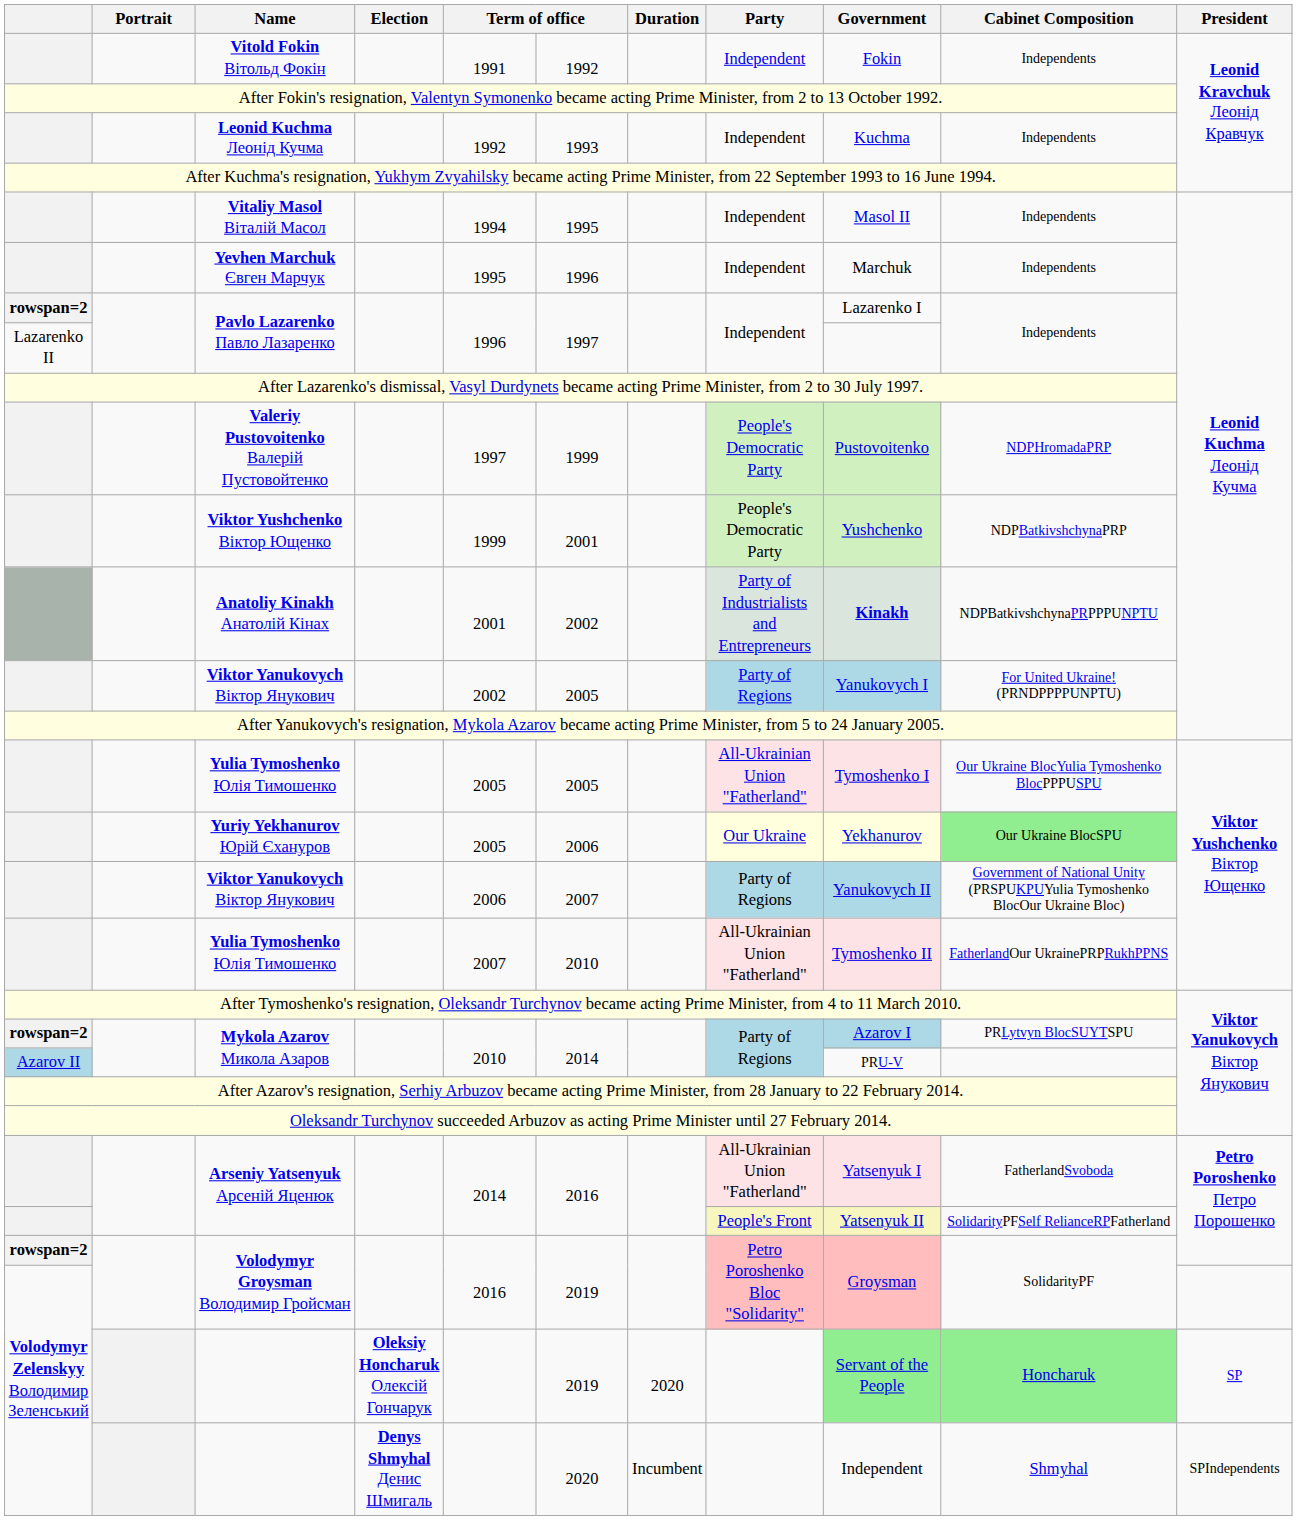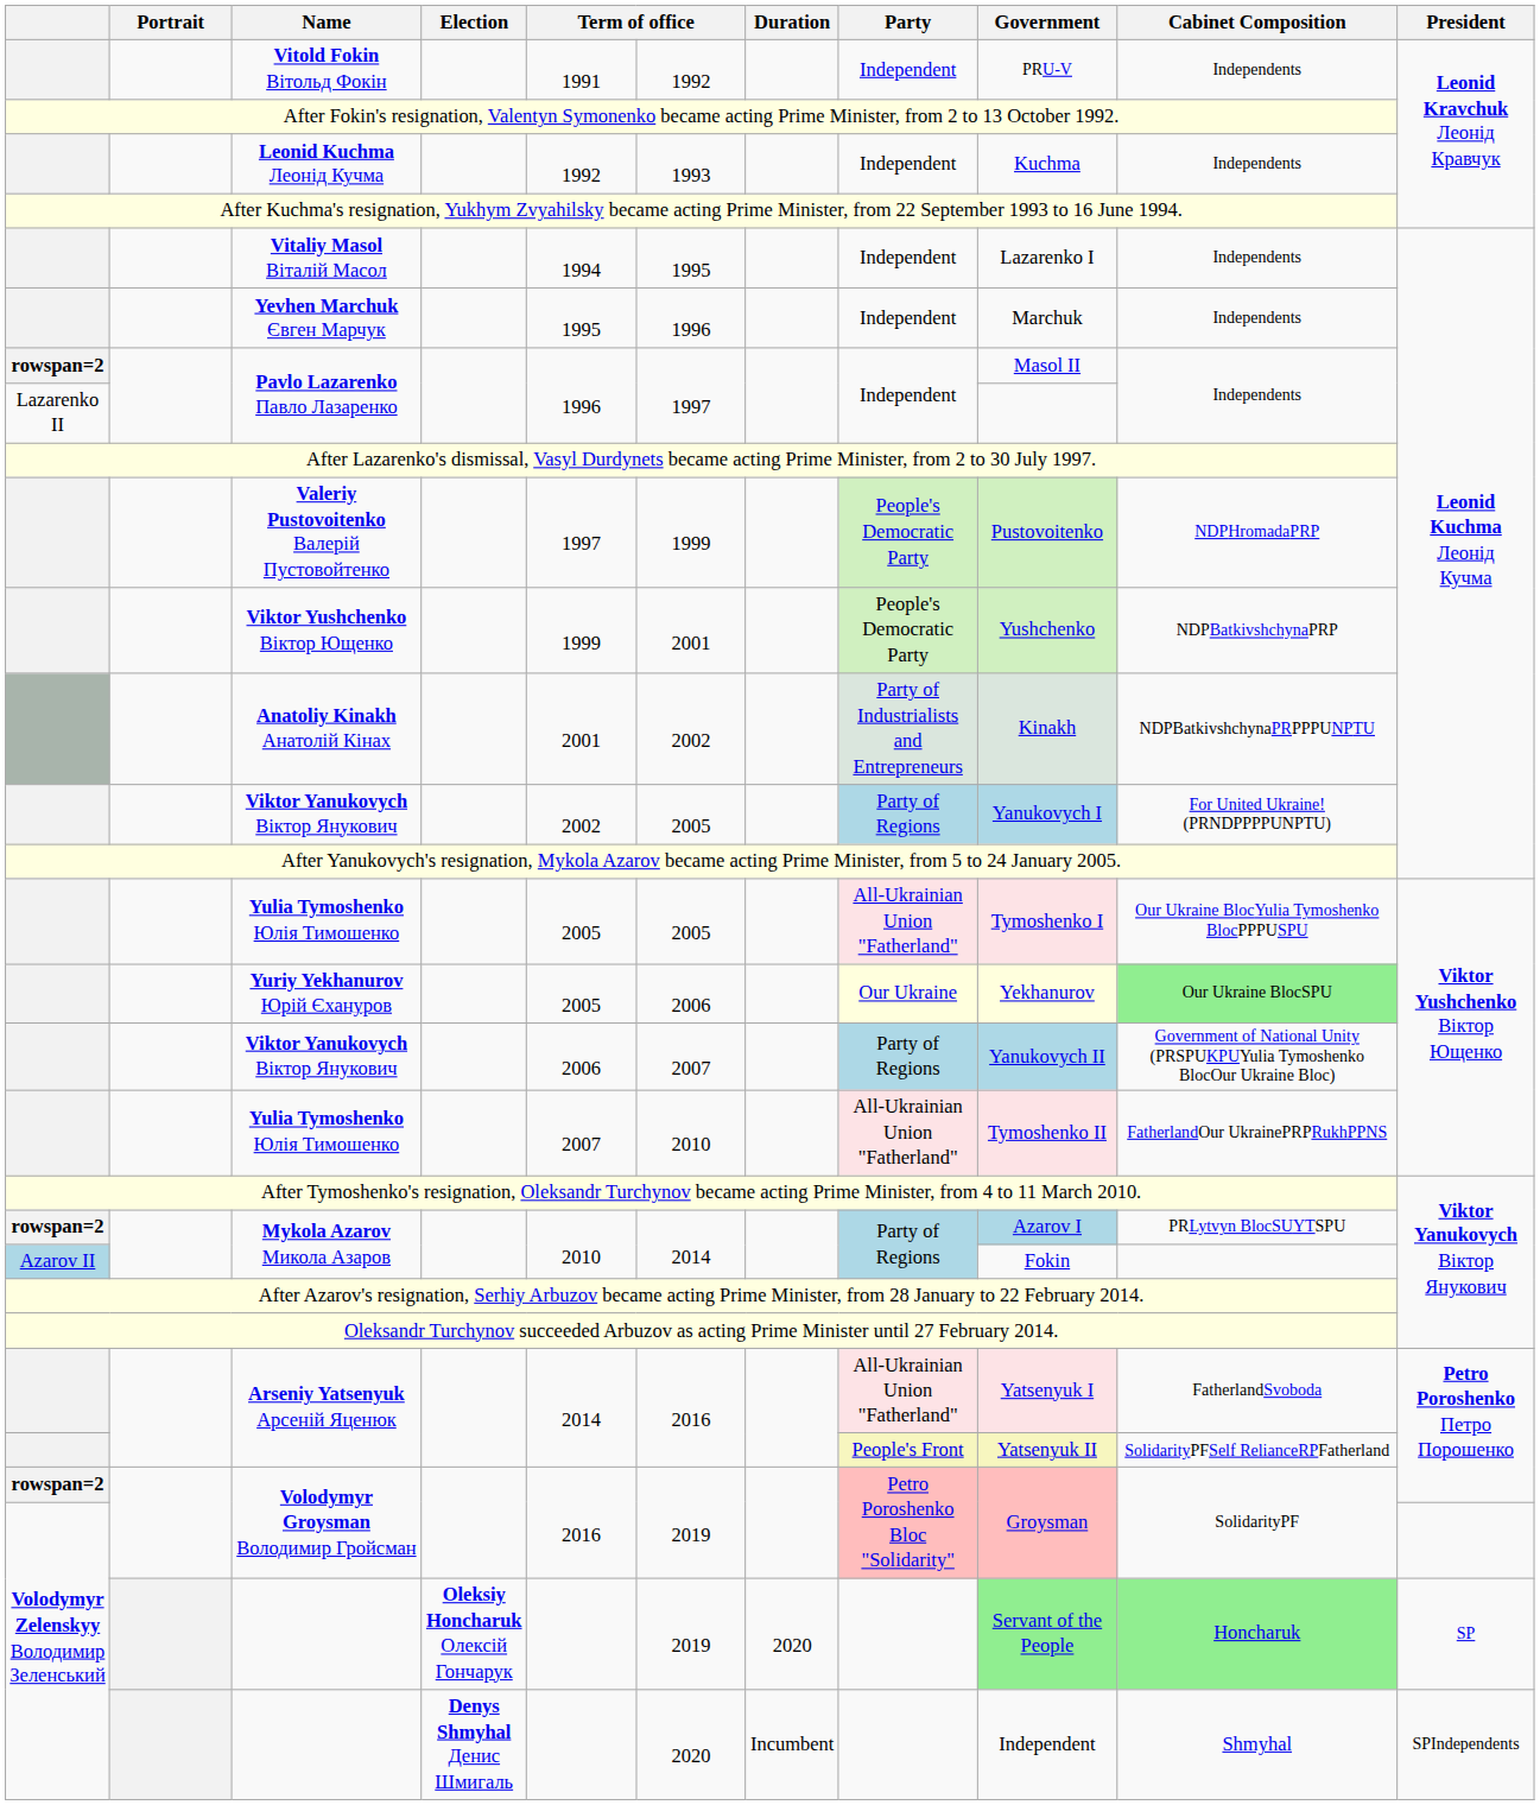 <table class="wikitable plainrowheaders" style="text-align: center; line-height: 130%; width: 99%">
 <tr>
 <th width=20></th>
 <th scope="col" style="width: 10%">Portrait</th>
 <th scope="col" style="width: 15%">Name<br></th>
 <th scope="col" style="width: 5%">Election</th>
 <th colspan="2" scope="col" style="width: 20%">Term of office</th>
 <th>Duration</th>
 <th scope="col" style="width: 10%">Party</th>
 <th scope="col" style="width: 10%">Government</th>
 <th scope="col" style="width: 20%">Cabinet Composition</th>
 <th scope="col" style="width: 10%">President</th>
 </tr>
 <tr>
 <th></th>
 <td></td>
 <td><a href='#'><strong>Vitold Fokin</strong><br><span>Вітольд Фокін</span></a><br></td>
 <td></td>
 <td class="nowrap"><br>1991</td>
 <td class="nowrap"><br>1992</td>
 <td><small></small></td>
 <td style="background:"><a href='#'>Independent</a></td>
-<td style="background:"><a href='#'>Fokin</a></td>
+<td style="font-size:85%; font-weight:normal; line-height:normal; text-align:center">PR<a href='#'>U-V</a></td>
 <td style="font-size:85%; font-weight:normal; line-height:normal; text-align:center">Independents</td>
 <td rowspan="4" style="font-weight:normal; text-align:center"><a href='#'><strong>Leonid<br>Kravchuk</strong><br><span>Леонід<br>Кравчук</span></a><br><br></td>
 </tr>
 <tr>
 <td colspan="10" style="background:#FFFFE0 ">After Fokin's resignation, <a href='#'>Valentyn Symonenko</a> became acting Prime Minister, from 2 to 13 October 1992.</td>
 </tr>
 <tr>
 <th></th>
 <td></td>
 <td><a href='#'><strong>Leonid Kuchma</strong><br><span>Леонід Кучма</span></a><br></td>
 <td></td>
 <td class="nowrap"><br>1992</td>
 <td class="nowrap"><br>1993</td>
 <td><small></small></td>
 <td style="background: ">Independent</td>
 <td style="background: "><a href='#'>Kuchma</a></td>
 <td style="font-size:85%; font-weight:normal; line-height:normal; text-align:center">Independents</td>
 </tr>
 <tr>
 <td colspan="10" style="background:#FFFFE0 ">After Kuchma's resignation, <a href='#'>Yukhym Zvyahilsky</a> became acting Prime Minister, from 22 September 1993 to 16 June 1994.</td>
 </tr>
 <tr>
 <th></th>
 <td></td>
 <td><a href='#'><strong>Vitaliy Masol</strong><br><span>Віталій Масол</span></a><br></td>
 <td><a href='#'></a></td>
 <td class="nowrap"><br>1994</td>
 <td class="nowrap"><br>1995</td>
 <td><small></small></td>
 <td style="background:">Independent</td>
-<td style="background:"><a href='#'>Masol II</a></td>
+<td style="background:">Lazarenko I</td>
 <td style="font-size:85%; font-weight:normal; line-height:normal; text-align:center">Independents</td>
 <td rowspan="10" style="font-weight:normal; text-align:center"><a href='#'><strong>Leonid<br>Kuchma</strong><br><span><span>Леонід<br>Кучма</span></span></a><br><br></td>
 </tr>
 <tr>
 <th></th>
 <td></td>
 <td><a href='#'><strong>Yevhen Marchuk</strong><br><span>Євген Марчук</span></a><br></td>
 <td></td>
 <td class="nowrap"><br>1995</td>
 <td class="nowrap"><br>1996</td>
 <td><small></small></td>
 <td style="background: ">Independent</td>
 <td style="background: ">Marchuk</td>
 <td style="font-size:85%; font-weight:normal; line-height:normal; text-align:center">Independents</td>
 </tr>
 <tr>
 <th>rowspan=2 </th>
 <td rowspan="2"></td>
 <td rowspan="2"><a href='#'><strong>Pavlo Lazarenko</strong><br><span>Павло Лазаренко</span></a><br></td>
 <td rowspan="2"></td>
 <td rowspan="2" class="nowrap"><br>1996</td>
 <td rowspan="2" class="nowrap"><br>1997</td>
 <td rowspan="2"><small></small></td>
 <td rowspan="2" style="background: ">Independent</td>
-<td style="background:">Lazarenko I</td>
+<td style="background:"><a href='#'>Masol II</a></td>
 <td rowspan="2" style="font-size:85%; font-weight:normal; line-height:normal; text-align:center">Independents</td>
 </tr>
 <tr>
 <td style="background: ">Lazarenko II</td>
 </tr>
 <tr>
 <td colspan="10" style="background:#FFFFE0 ">After Lazarenko's dismissal, <a href='#'>Vasyl Durdynets</a> became acting Prime Minister, from 2 to 30 July 1997.</td>
 </tr>
 <tr>
 <th></th>
 <td></td>
 <td><a href='#'><strong>Valeriy Pustovoitenko</strong><br><span>Валерій Пустовойтенко</span></a><br></td>
 <td><a href='#'></a></td>
 <td class="nowrap"><br>1997</td>
 <td class="nowrap"><br>1999</td>
 <td><small></small></td>
 <td style="background:#D0F0C0 "><a href='#'>People's Democratic Party</a></td>
 <td style="background:#D0F0C0 "><a href='#'>Pustovoitenko</a></td>
 <td style="font-size:85%; font-weight:normal; line-height:normal; text-align:center"><a href='#'>NDP</a><a href='#'>Hromada</a><a href='#'>PRP</a></td>
 </tr>
 <tr>
 <th></th>
 <td></td>
 <td><a href='#'><strong>Viktor Yushchenko</strong><br><span>Віктор Ющенко</span></a><br></td>
 <td></td>
 <td class="nowrap"><br>1999</td>
 <td class="nowrap"><br>2001</td>
 <td><small></small></td>
 <td style="background:#D0F0C0 ">People's Democratic Party</td>
 <td style="background:#D0F0C0 "><a href='#'>Yushchenko</a></td>
 <td style="font-size:85%; font-weight:normal; line-height:normal; text-align:center">NDP<a href='#'>Batkivshchyna</a>PRP</td>
 </tr>
 <tr>
 <th style="background:#A8B4AB;"></th>
 <td></td>
 <td><a href='#'><strong>Anatoliy Kinakh</strong><br><span>Анатолій Кінах</span></a><br></td>
 <td></td>
 <td class="nowrap"><br>2001</td>
 <td class="nowrap"><br>2002</td>
 <td><small></small></td>
 <td style="background:#DAE6DD "><a href='#'>Party of Industrialists and Entrepreneurs</a></td>
-<td style="background:#DAE6DD "><strong><a href='#'>Kinakh</a></strong></td>
+<td style="background:#DAE6DD "><a href='#'>Kinakh</a></td>
 <td style="font-size:85%; font-weight:normal; line-height:normal; text-align:center">NDPBatkivshchyna<a href='#'>PR</a>PPPU<a href='#'>NP</a><a href='#'>TU</a></td>
 </tr>
 <tr>
 <th></th>
 <td></td>
 <td><a href='#'><strong>Viktor Yanukovych</strong><br><span>Віктор Янукович</span></a><br></td>
 <td><a href='#'></a></td>
 <td class="nowrap"><br>2002</td>
 <td class="nowrap"><br>2005</td>
 <td><small></small></td>
 <td style="background:#ADD8E6 "><a href='#'>Party of Regions</a></td>
 <td style="background:#ADD8E6 "><a href='#'>Yanukovych I</a></td>
 <td style="font-size:85%; font-weight:normal; line-height:normal; text-align:center"><a href='#'>For United Ukraine!</a><br>(PRNDPPPPUNPTU)</td>
 </tr>
 <tr>
 <td colspan="10" style="background:#FFFFE0 ">After Yanukovych's resignation, <a href='#'>Mykola Azarov</a> became acting Prime Minister, from 5 to 24 January 2005.</td>
 </tr>
 <tr>
 <th></th>
 <td></td>
 <td><a href='#'><strong>Yulia Tymoshenko</strong><br><span>Юлія Тимошенко</span></a><br></td>
 <td></td>
 <td class="nowrap"><br>2005</td>
 <td class="nowrap"><br>2005</td>
 <td><small></small></td>
 <td style="background:#FDE3E6 "><a href='#'>All-Ukrainian Union<br>"Fatherland"</a></td>
 <td style="background:#FDE3E6 "><a href='#'>Tymoshenko I</a></td>
 <td style="font-size:85%; font-weight:normal; line-height:normal; text-align:center"><a href='#'>Our Ukraine Bloc</a><a href='#'>Yulia Tymoshenko Bloc</a>PPPU<a href='#'>SPU</a></td>
 <td rowspan="4" style="font-weight:normal; text-align:center"><a href='#'><strong>Viktor<br>Yushchenko</strong><br><span><span>Віктор<br>Ющенко</span></span></a><br><br></td>
 </tr>
 <tr>
 <th></th>
 <td></td>
 <td><a href='#'><strong>Yuriy Yekhanurov</strong><br><span>Юрій Єхануров</span></a><br></td>
 <td></td>
 <td class="nowrap"><br>2005</td>
 <td class="nowrap"><br>2006</td>
 <td><small></small></td>
 <td style="background:#FFFFDD "><a href='#'>Our Ukraine</a></td>
 <td style="background:#FFFFDD "><a href='#'>Yekhanurov</a></td>
 <td style="background: lightgreen; font-size:85%; font-weight:normal; line-height:normal; text-align:center">Our Ukraine BlocSPU</td>
 </tr>
 <tr>
 <th></th>
 <td></td>
 <td><a href='#'><strong>Viktor Yanukovych</strong><br><span>Віктор Янукович</span></a><br></td>
 <td><a href='#'></a></td>
 <td class="nowrap"><br>2006</td>
 <td class="nowrap"><br>2007</td>
 <td><small></small></td>
 <td style="background:#ADD8E6 ">Party of Regions</td>
 <td style="background:#ADD8E6 "><a href='#'>Yanukovych II</a></td>
 <td style="font-size:85%; font-weight:normal; line-height:normal; text-align:center"><a href='#'>Government of National Unity</a><br>(PRSPU<a href='#'>KPU</a>Yulia Tymoshenko BlocOur Ukraine Bloc)</td>
 </tr>
 <tr>
 <th></th>
 <td></td>
 <td><a href='#'><strong>Yulia Tymoshenko</strong><br><span>Юлія Тимошенко</span></a><br></td>
 <td><a href='#'></a></td>
 <td class="nowrap"><br>2007</td>
 <td class="nowrap"><br>2010</td>
 <td><small></small></td>
 <td style="background:#FDE3E6 ">All-Ukrainian Union<br>"Fatherland"</td>
 <td style="background:#FDE3E6 "><a href='#'>Tymoshenko II</a></td>
 <td style="font-size:85%; font-weight:normal; line-height:normal; text-align:center"><a href='#'>Fatherland</a>Our UkrainePRP<a href='#'>Rukh</a><a href='#'>PPNS</a></td>
 </tr>
 <tr>
 <td colspan="10" style="background:#FFFFE0 ">After Tymoshenko's resignation, <a href='#'>Oleksandr Turchynov</a> became acting Prime Minister, from 4 to 11 March 2010.</td>
 <td rowspan="5"><a href='#'><strong>Viktor<br>Yanukovych</strong><br><span><span>Віктор<br>Янукович</span></span></a><br><br></td>
 </tr>
 <tr>
 <th>rowspan=2 </th>
 <td rowspan="2"></td>
 <td rowspan="2"><a href='#'><strong>Mykola Azarov</strong><br><span>Микола Азаров</span></a><br></td>
 <td rowspan="2"><a href='#'></a></td>
 <td rowspan="2" class="nowrap"><br>2010</td>
 <td rowspan="2" class="nowrap"><br>2014</td>
 <td rowspan="2"><small></small></td>
 <td rowspan="2" style="background:#ADD8E6 ">Party of Regions</td>
 <td style="background:#ADD8E6"><a href='#'>Azarov I</a></td>
 <td style="font-size:85%; font-weight:normal; line-height:normal; text-align:center">PR<a href='#'>Lytvyn Bloc</a><a href='#'>SU</a><a href='#'>YT</a>SPU</td>
 </tr>
 <tr>
 <td style="background:#ADD8E6 "><a href='#'>Azarov II</a></td>
-<td style="font-size:85%; font-weight:normal; line-height:normal; text-align:center">PR<a href='#'>U-V</a></td>
+<td style="background:"><a href='#'>Fokin</a></td>
 </tr>
 <tr>
 <td colspan="10" style="background:#FFFFE0 ">After Azarov's resignation, <a href='#'>Serhiy Arbuzov</a> became acting Prime Minister, from 28 January to 22 February 2014.</td>
 </tr>
 <tr>
 <td colspan="10" style="background:#FFFFE0 "><a href='#'>Oleksandr Turchynov</a> succeeded Arbuzov as acting Prime Minister until 27 February 2014.</td>
 </tr>
 <tr>
 <th></th>
 <td rowspan="2"></td>
 <td rowspan="2"><a href='#'><strong>Arseniy Yatsenyuk</strong><br><span>Арсеній Яценюк</span></a><br></td>
 <td rowspan="2"><a href='#'></a></td>
 <td rowspan="2" class="nowrap"><br>2014</td>
 <td rowspan="2" class="nowrap"><br>2016</td>
 <td rowspan="2"><small></small></td>
 <td style="background:#FDE3E6 ">All-Ukrainian Union<br>"Fatherland"</td>
 <td style="background:#FDE3E6 "><a href='#'>Yatsenyuk I</a></td>
 <td style="font-size:85%; font-weight:normal; line-height:normal; text-align:center">Fatherland<a href='#'>Svoboda</a></td>
 <td rowspan="3" style="font-weight:normal; text-align:center"><a href='#'><strong>Petro<br>Poroshenko</strong><br><span>Петро<br>Порошенко</span></a><br><br></td>
 </tr>
 <tr>
 <th></th>
 <td style="background:#F7F6BF "><a href='#'>People's Front</a></td>
 <td style="background:#F7F6BF "><a href='#'>Yatsenyuk II</a></td>
 <td style="font-size:85%; font-weight:normal; line-height:normal; text-align:center"><a href='#'>Solidarity</a>PF<a href='#'>Self Reliance</a><a href='#'>RP</a>Fatherland</td>
 </tr>
 <tr>
 <th>rowspan=2 </th>
 <td rowspan="2"></td>
 <td rowspan="2"><a href='#'><strong>Volodymyr Groysman</strong><br><span>Володимир Гройсман</span></a><br></td>
 <td rowspan="2"></td>
 <td rowspan="2" class="nowrap"><br>2016</td>
 <td rowspan="2" class="nowrap"><br>2019</td>
 <td rowspan="2"><small></small></td>
 <td rowspan="2" style="background:#FFBDBD "><a href='#'>Petro Poroshenko Bloc<br>"Solidarity"</a></td>
 <td rowspan="2" style="background:#FFBDBD "><a href='#'>Groysman</a></td>
 <td rowspan="2" style="font-size:85%; font-weight:normal; line-height:normal; text-align:center">SolidarityPF</td>
 </tr>
 <tr>
 <td rowspan="3"><a href='#'><strong>Volodymyr<br>Zelenskyy</strong><br><span>Володимир<br>Зеленський</span></a><br><br></td>
 </tr>
 <tr>
 <th></th>
 <td></td>
 <td><a href='#'><strong>Oleksiy Honcharuk</strong><br><span>Олексій Гончарук</span></a><br></td>
 <td><a href='#'></a></td>
 <td class="nowrap"><br>2019</td>
 <td class="nowrap"><br>2020</td>
 <td><small></small></td>
 <td style="background:#90ee90 "><a href='#'>Servant of the People</a></td>
 <td style="background:#90ee90 "><a href='#'>Honcharuk</a></td>
 <td style="font-size:85%; font-weight:normal; line-height:normal; text-align:center"><a href='#'>SP</a></td>
 </tr>
 <tr>
 <th></th>
 <td></td>
 <td><a href='#'><strong>Denys Shmyhal</strong><br><span>Денис Шмигаль</span></a><br></td>
 <td></td>
 <td class="nowrap"><br>2020</td>
 <td class="nowrap">Incumbent</td>
 <td><small></small></td>
 <td style="background:" ;>Independent</td>
 <td style="background:" ;><a href='#'>Shmyhal</a></td>
 <td style="font-size:85%; font-weight:normal; line-height:normal; text-align:center">SPIndependents</td>
 </tr>
 </table>
